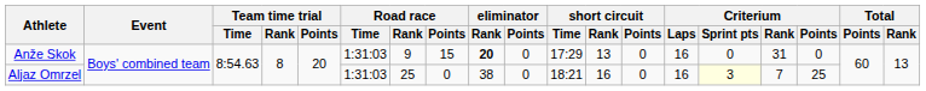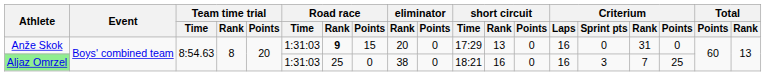 <table class="wikitable" style="text-align:center; font-size:90%;">
 <tr>
 <th rowspan="2">Athlete</th>
 <th rowspan="2">Event</th>
 <th colspan="3">Team time trial</th>
 <th colspan="3">Road race</th>
 <th colspan="2"> eliminator</th>
 <th colspan="3"> short circuit</th>
 <th colspan="4">Criterium</th>
 <th colspan="2">Total</th>
 </tr>
 <tr style="font-size:95%;">
 <th>Time</th>
 <th>Rank</th>
 <th>Points</th>
 <th>Time</th>
 <th>Rank</th>
 <th>Points</th>
 <th>Rank</th>
 <th>Points</th>
 <th>Time</th>
 <th>Rank</th>
 <th>Points</th>
 <th>Laps</th>
 <th>Sprint pts</th>
 <th>Rank</th>
 <th>Points</th>
 <th>Points</th>
 <th>Rank</th>
 </tr>
 <tr>
 <td><a href='#'>Anže Skok</a></td>
 <td rowspan=2><a href='#'>Boys' combined team</a></td>
 <td rowspan=2>8:54.63</td>
 <td rowspan=2>8</td>
 <td rowspan=2>20</td>
 <td>1:31:03</td>
-<td>9</td>
+<td><strong>9</strong></td>
 <td>15</td>
-<td><strong>20</strong></td>
+<td>20</td>
 <td>0</td>
 <td>17:29</td>
 <td>13</td>
 <td>0</td>
 <td>16</td>
 <td>0</td>
 <td>31</td>
 <td>0</td>
 <td rowspan=2>60</td>
 <td rowspan=2>13</td>
 </tr>
 <tr>
-<td><a href='#'>Aljaz Omrzel</a></td>
+<td style="background: lightgreen;"><a href='#'>Aljaz Omrzel</a></td>
 <td>1:31:03</td>
 <td>25</td>
 <td>0</td>
 <td>38</td>
 <td>0</td>
 <td>18:21</td>
 <td>16</td>
 <td>0</td>
 <td>16</td>
-<td style="background: lightyellow;">3</td>
+<td>3</td>
 <td>7</td>
 <td>25</td>
 </tr>
 </table>
